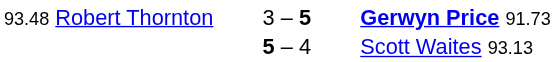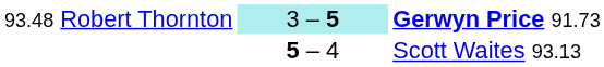 <table style="text-align:center">
 <tr>
 <th width=223></th>
 <th width=100></th>
 <th width=223></th>
 </tr>
 <tr>
 <td align=right><small><span>93.48</span></small>  <a href='#'>Robert Thornton</a> </td>
-<td>3 – <strong>5</strong></td>
+<td style="background: paleturquoise;">3 – <strong>5</strong></td>
 <td align=left> <strong><a href='#'>Gerwyn Price</a></strong> <small><span>91.73</span></small></td>
 </tr>
 <tr>
 <td align=right></td>
 <td><strong>5</strong> – 4</td>
 <td align=left> <a href='#'>Scott Waites</a> <small><span>93.13</span></small></td>
 </tr>
 </table>
